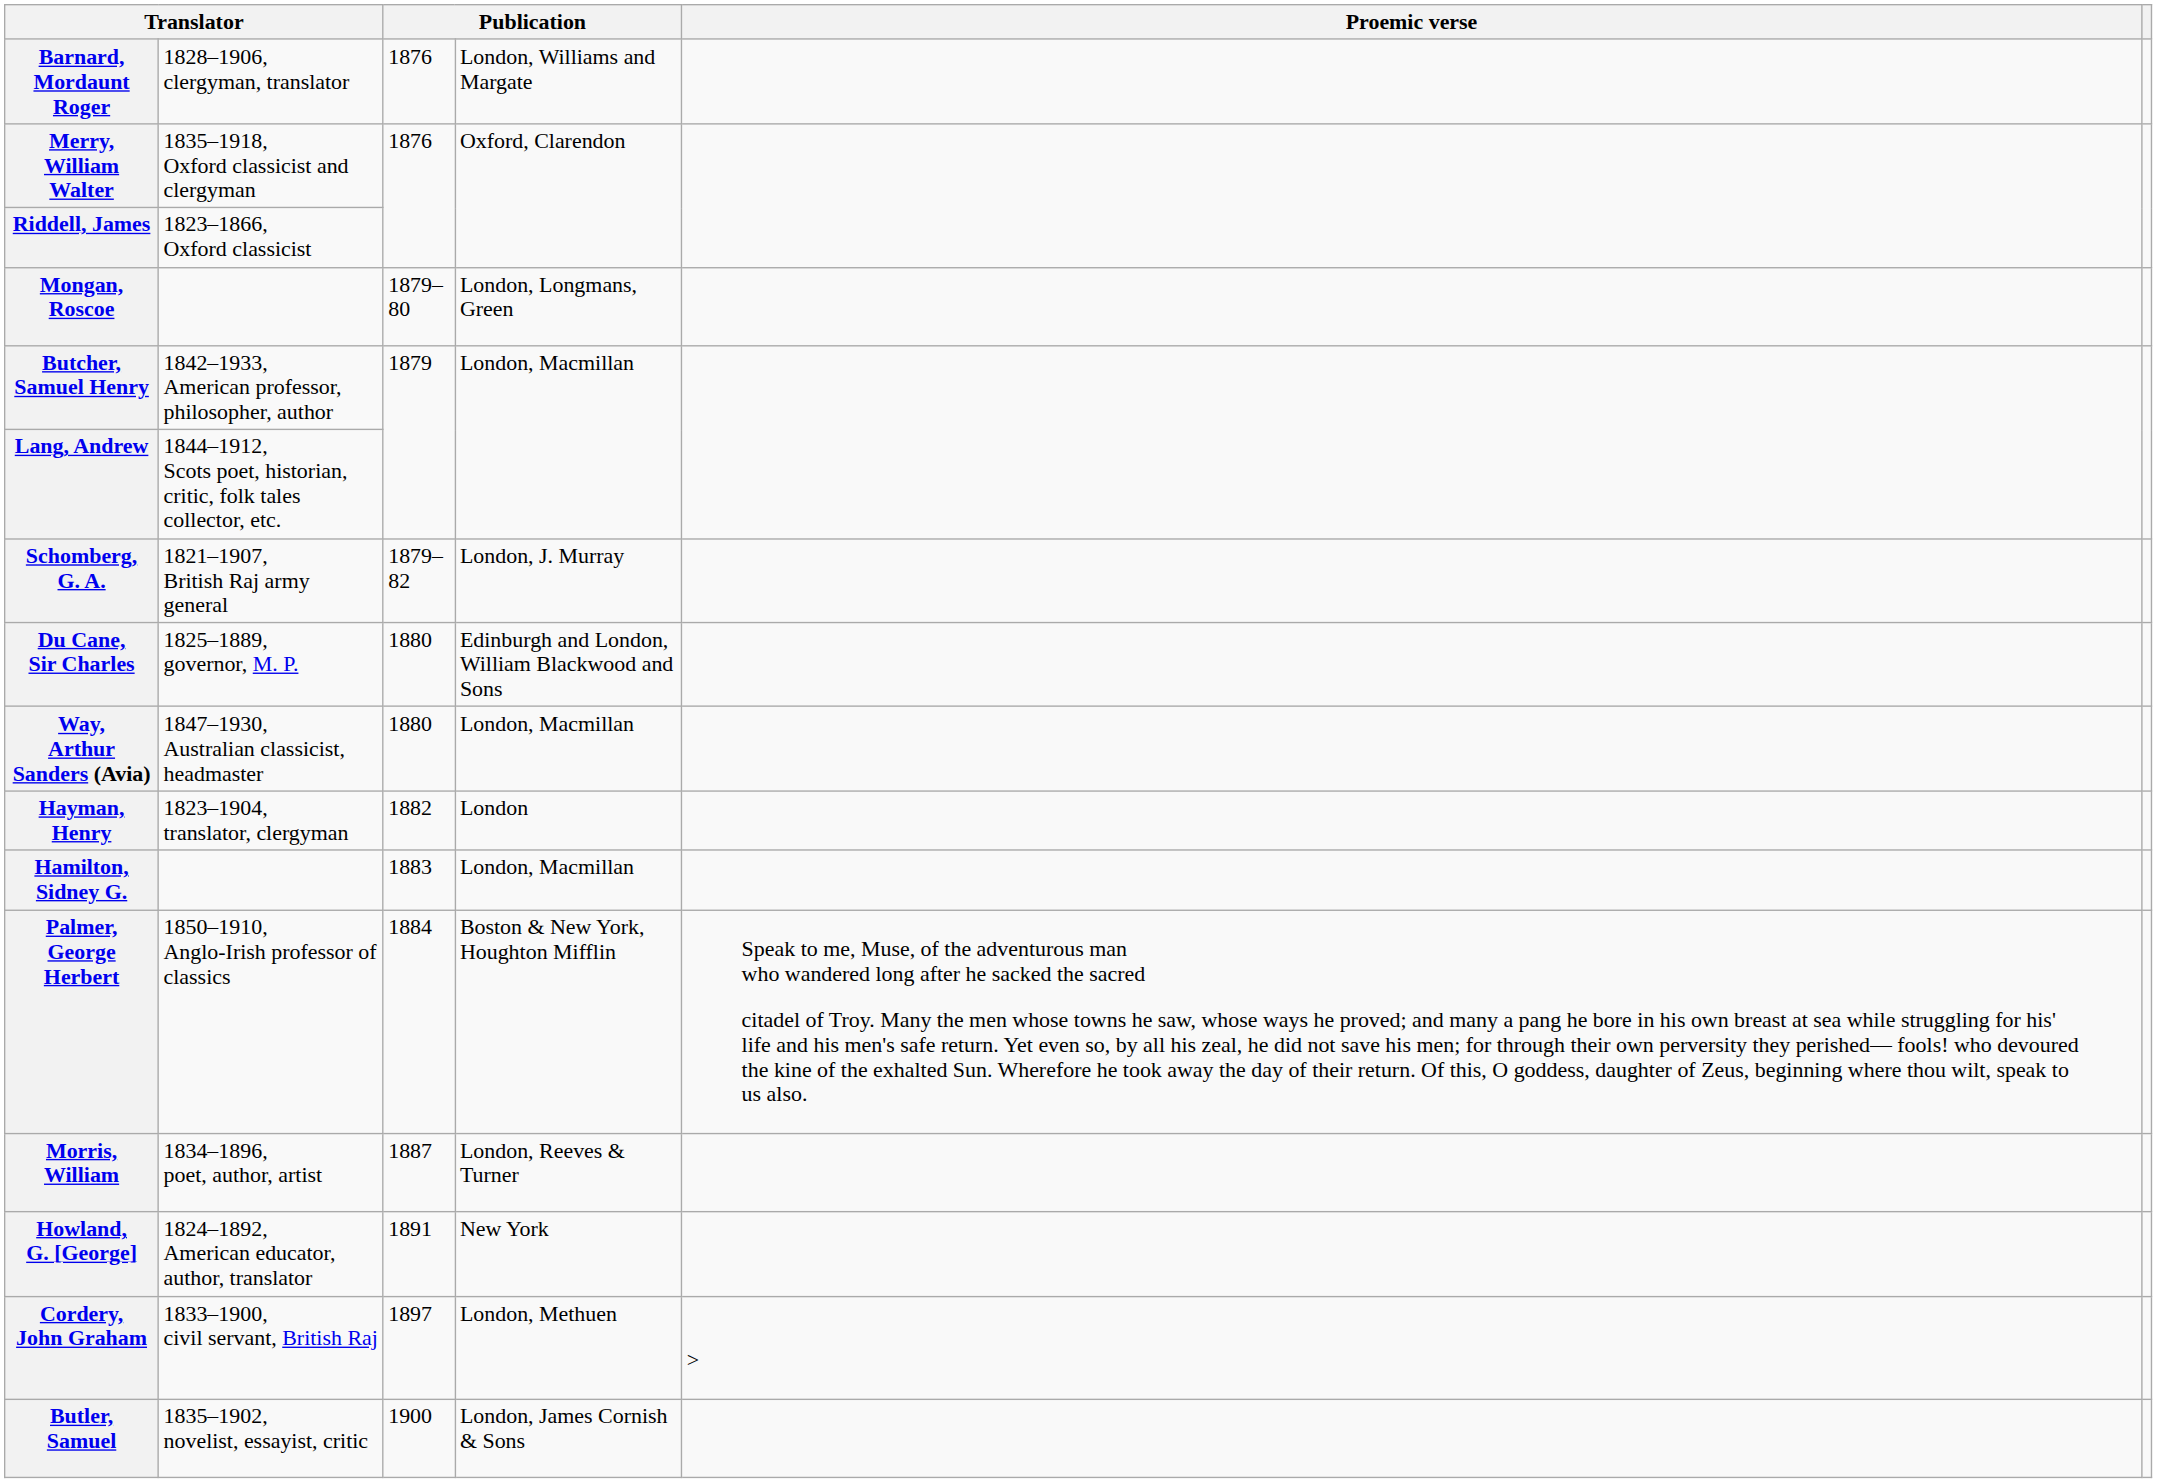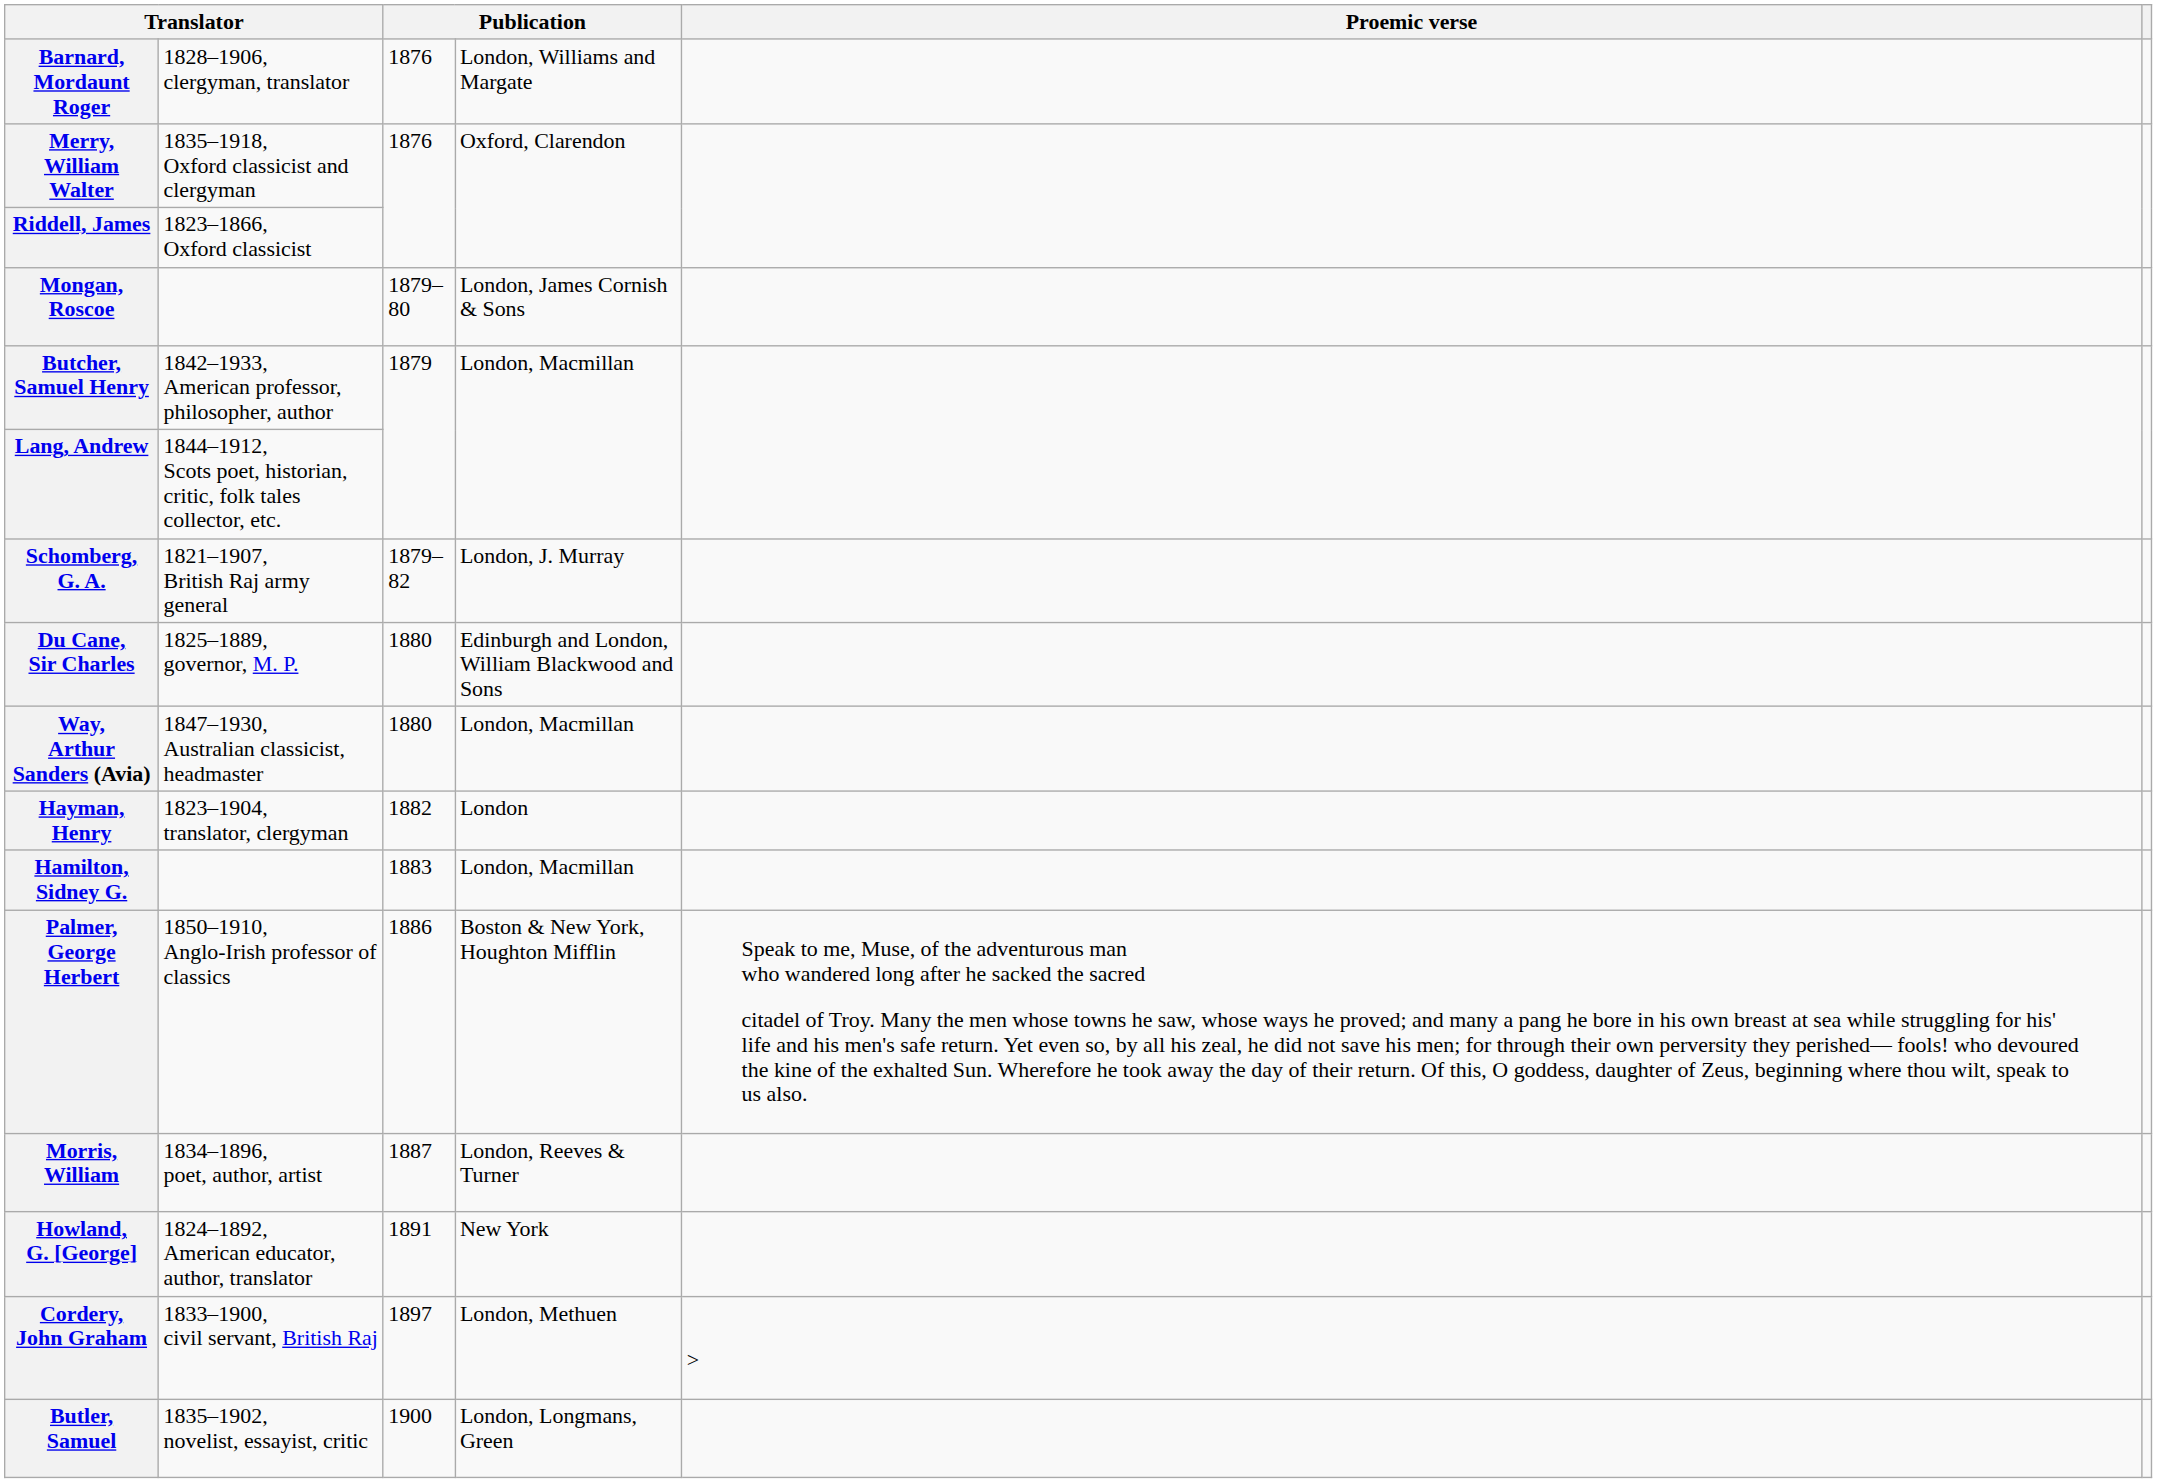 <table class="wikitable" ">
 <tr>
 <th scope="col" colspan="2">Translator</th>
 <th scope="col" colspan="2">Publication</th>
 <th scope="col">Proemic verse</th>
 <th scope="col"></th>
 </tr>
 <tr valign="top">
 <th><a href='#'>Barnard,<br>Mordaunt Roger</a></th>
 <td>1828–1906,<br>clergyman, translator</td>
 <td>1876</td>
 <td>London, Williams and Margate</td>
 <td style=white-space:nowrap><br><blockquote></blockquote> <blockquote></blockquote></td>
 <td></td>
 </tr>
 <tr valign="top">
 <th><a href='#'>Merry, William Walter</a></th>
 <td>1835–1918,<br>Oxford classicist and clergyman</td>
 <td rowspan="2">1876</td>
 <td rowspan="2">Oxford, Clarendon</td>
 <td rowspan="2" style="vertical-align:bottom;"><blockquote></blockquote></td>
 <td rowspan="2"></td>
 </tr>
 <tr valign="top">
 <th><a href='#'>Riddell, James</a></th>
 <td>1823–1866,<br>Oxford classicist</td>
 </tr>
 <tr valign="top">
 <th><a href='#'>Mongan,<br>Roscoe</a></th>
 <td> </td>
 <td>1879–80</td>
-<td>London, Longmans, Green</td>
+<td>London, James Cornish & Sons</td>
 <td><blockquote></blockquote><br><blockquote></blockquote></td>
 <td></td>
 </tr>
 <tr valign="top">
 <th><a href='#'>Butcher,<br>Samuel Henry</a></th>
 <td>1842–1933,<br>American professor, philosopher, author</td>
 <td rowspan="2">1879</td>
 <td rowspan="2">London, Macmillan</td>
 <td rowspan="2"><blockquote></blockquote><br><blockquote></blockquote></td>
 <td rowspan="2"></td>
 </tr>
 <tr valign="top">
 <th><a href='#'>Lang, Andrew</a></th>
 <td>1844–1912,<br>Scots poet, historian, critic, folk tales collector, etc.</td>
 </tr>
 <tr valign="top">
 <th><a href='#'>Schomberg,<br>G. A.</a></th>
 <td>1821–1907,<br>British Raj army general</td>
 <td>1879–82</td>
 <td>London, J. Murray</td>
 <td><blockquote></blockquote><br><blockquote></blockquote></td>
 <td></td>
 </tr>
 <tr valign="top">
 <th><a href='#'>Du Cane,<br>Sir Charles</a></th>
 <td>1825–1889,<br>governor, <a href='#'>M. P.</a></td>
 <td>1880</td>
 <td>Edinburgh and London, William Blackwood and Sons</td>
 <td style=white-space:nowrap><br><blockquote></blockquote>  <blockquote></blockquote></td>
 <td></td>
 </tr>
 <tr valign="top">
 <th><a href='#'>Way,<br>Arthur Sanders</a> (Avia)</th>
 <td>1847–1930,<br>Australian classicist, headmaster</td>
 <td>1880</td>
 <td>London, Macmillan</td>
 <td style=white-space:nowrap><br><blockquote></blockquote> <blockquote></blockquote></td>
 <td><wbr></td>
 </tr>
 <tr valign="top">
 <th><a href='#'>Hayman,<br>Henry</a></th>
 <td>1823–1904,<br>translator, clergyman</td>
 <td>1882</td>
 <td>London</td>
 <td style="vertical-align:bottom;"><blockquote></blockquote></td>
 <td></td>
 </tr>
 <tr valign="top">
 <th><a href='#'>Hamilton,<br>Sidney G.</a></th>
 <td> </td>
 <td>1883</td>
 <td>London, Macmillan</td>
 <td style="vertical-align:bottom;"><blockquote></blockquote></td>
 <td></td>
 </tr>
 <tr valign="top">
 <th><a href='#'>Palmer,<br>George Herbert</a></th>
 <td>1850–1910,<br>Anglo-Irish professor of classics</td>
-<td>1884</td>
+<td>1886</td>
 <td>Boston & New York, Houghton Mifflin</td>
 <td><blockquote>Speak to me, Muse, of the adventurous man<br>who wandered long after he sacked the sacred</blockquote>  <blockquote>citadel of Troy. Many the men whose towns he  saw, whose ways he proved; and many a pang  he bore in his own breast at sea while struggling  for his' life and his men's safe return. Yet even  so, by all his zeal, he did not save his men; for  through their own perversity they perished—  fools! who devoured the kine of the exhalted  Sun. Wherefore he took away the day of their return. Of this, O goddess, daughter of Zeus,  beginning where thou wilt, speak to us also.</blockquote></td>
 <td></td>
 </tr>
 <tr valign="top">
 <th><a href='#'>Morris,<br>William</a></th>
 <td>1834–1896,<br>poet, author, artist</td>
 <td>1887</td>
 <td>London, Reeves & Turner</td>
 <td><blockquote></blockquote><br><blockquote></blockquote></td>
 <td></td>
 </tr>
 <tr valign="top">
 <th><a href='#'>Howland,<br>G. [George]</a></th>
 <td>1824–1892,<br>American educator, author, translator</td>
 <td>1891</td>
 <td>New York</td>
 <td><blockquote></blockquote><br><blockquote></blockquote></td>
 <td></td>
 </tr>
 <tr valign="top">
 <th><a href='#'>Cordery,<br>John Graham</a></th>
 <td>1833–1900,<br>civil servant, <a href='#'>British Raj</a></td>
 <td>1897</td>
 <td>London, Methuen</td>
 <td><blockquote></blockquote><br>><blockquote></blockquote></td>
 <td></td>
 </tr>
 <tr valign="top">
 <th><a href='#'>Butler,<br>Samuel</a></th>
 <td>1835–1902,<br>novelist, essayist, critic</td>
 <td>1900</td>
-<td>London, James Cornish & Sons</td>
+<td>London, Longmans, Green</td>
 <td><blockquote></blockquote><br><blockquote></blockquote></td>
 <td></td>
 </tr>
 </table>
